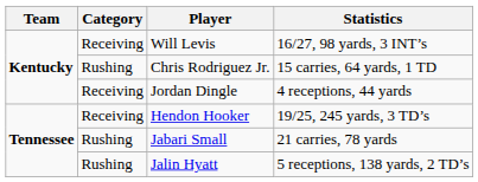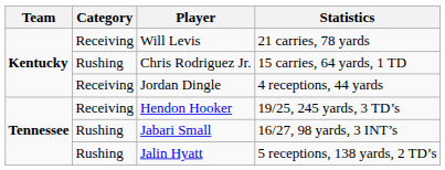 <table class="wikitable" style="float: right;">
 <tr>
 <th>Team</th>
 <th>Category</th>
 <th>Player</th>
 <th>Statistics</th>
 </tr>
 <tr>
 <td rowspan=3><strong>Kentucky</strong></td>
 <td>Receiving</td>
 <td>Will Levis</td>
-<td>16/27, 98 yards, 3 INT’s</td>
+<td>21 carries, 78 yards</td>
 </tr>
 <tr>
 <td>Rushing</td>
 <td>Chris Rodriguez Jr.</td>
 <td>15 carries, 64 yards, 1 TD</td>
 </tr>
 <tr>
 <td>Receiving</td>
 <td>Jordan Dingle</td>
 <td>4 receptions, 44 yards</td>
 </tr>
 <tr>
 <td rowspan=3><strong>Tennessee</strong></td>
 <td>Receiving</td>
 <td><a href='#'>Hendon Hooker</a></td>
 <td>19/25, 245 yards, 3 TD’s</td>
 </tr>
 <tr>
 <td>Rushing</td>
 <td><a href='#'>Jabari Small</a></td>
-<td>21 carries, 78 yards</td>
+<td>16/27, 98 yards, 3 INT’s</td>
 </tr>
 <tr>
 <td>Rushing</td>
 <td><a href='#'>Jalin Hyatt</a></td>
 <td>5 receptions, 138 yards, 2 TD’s</td>
 </tr>
 </table>
